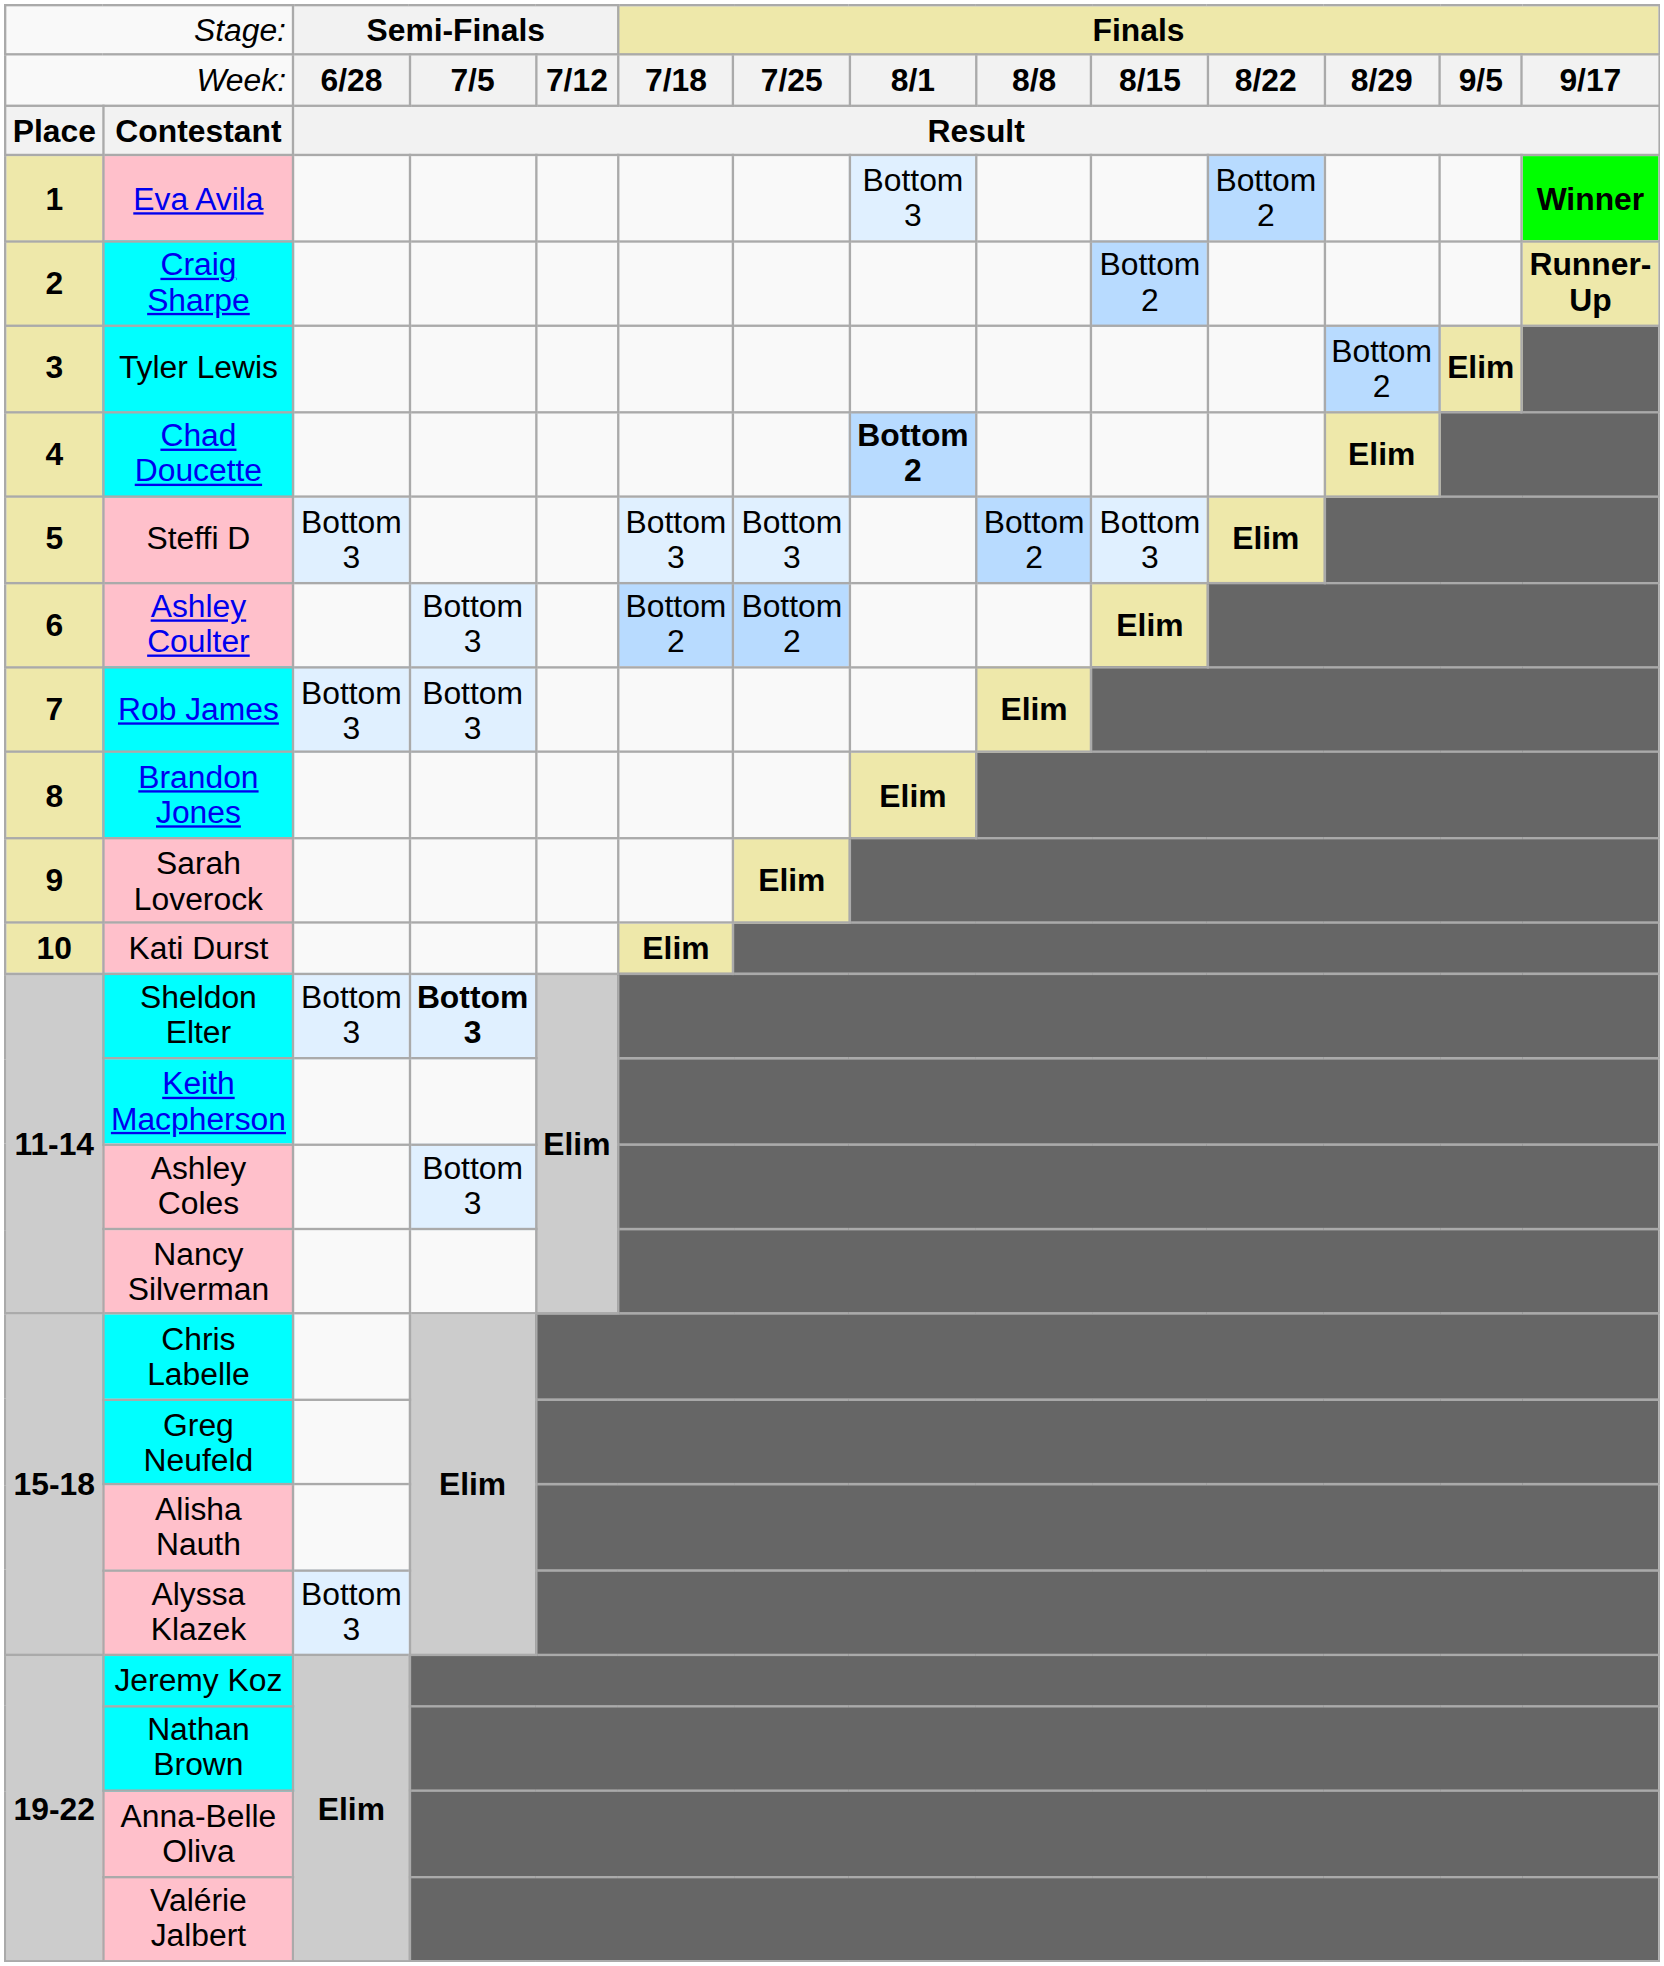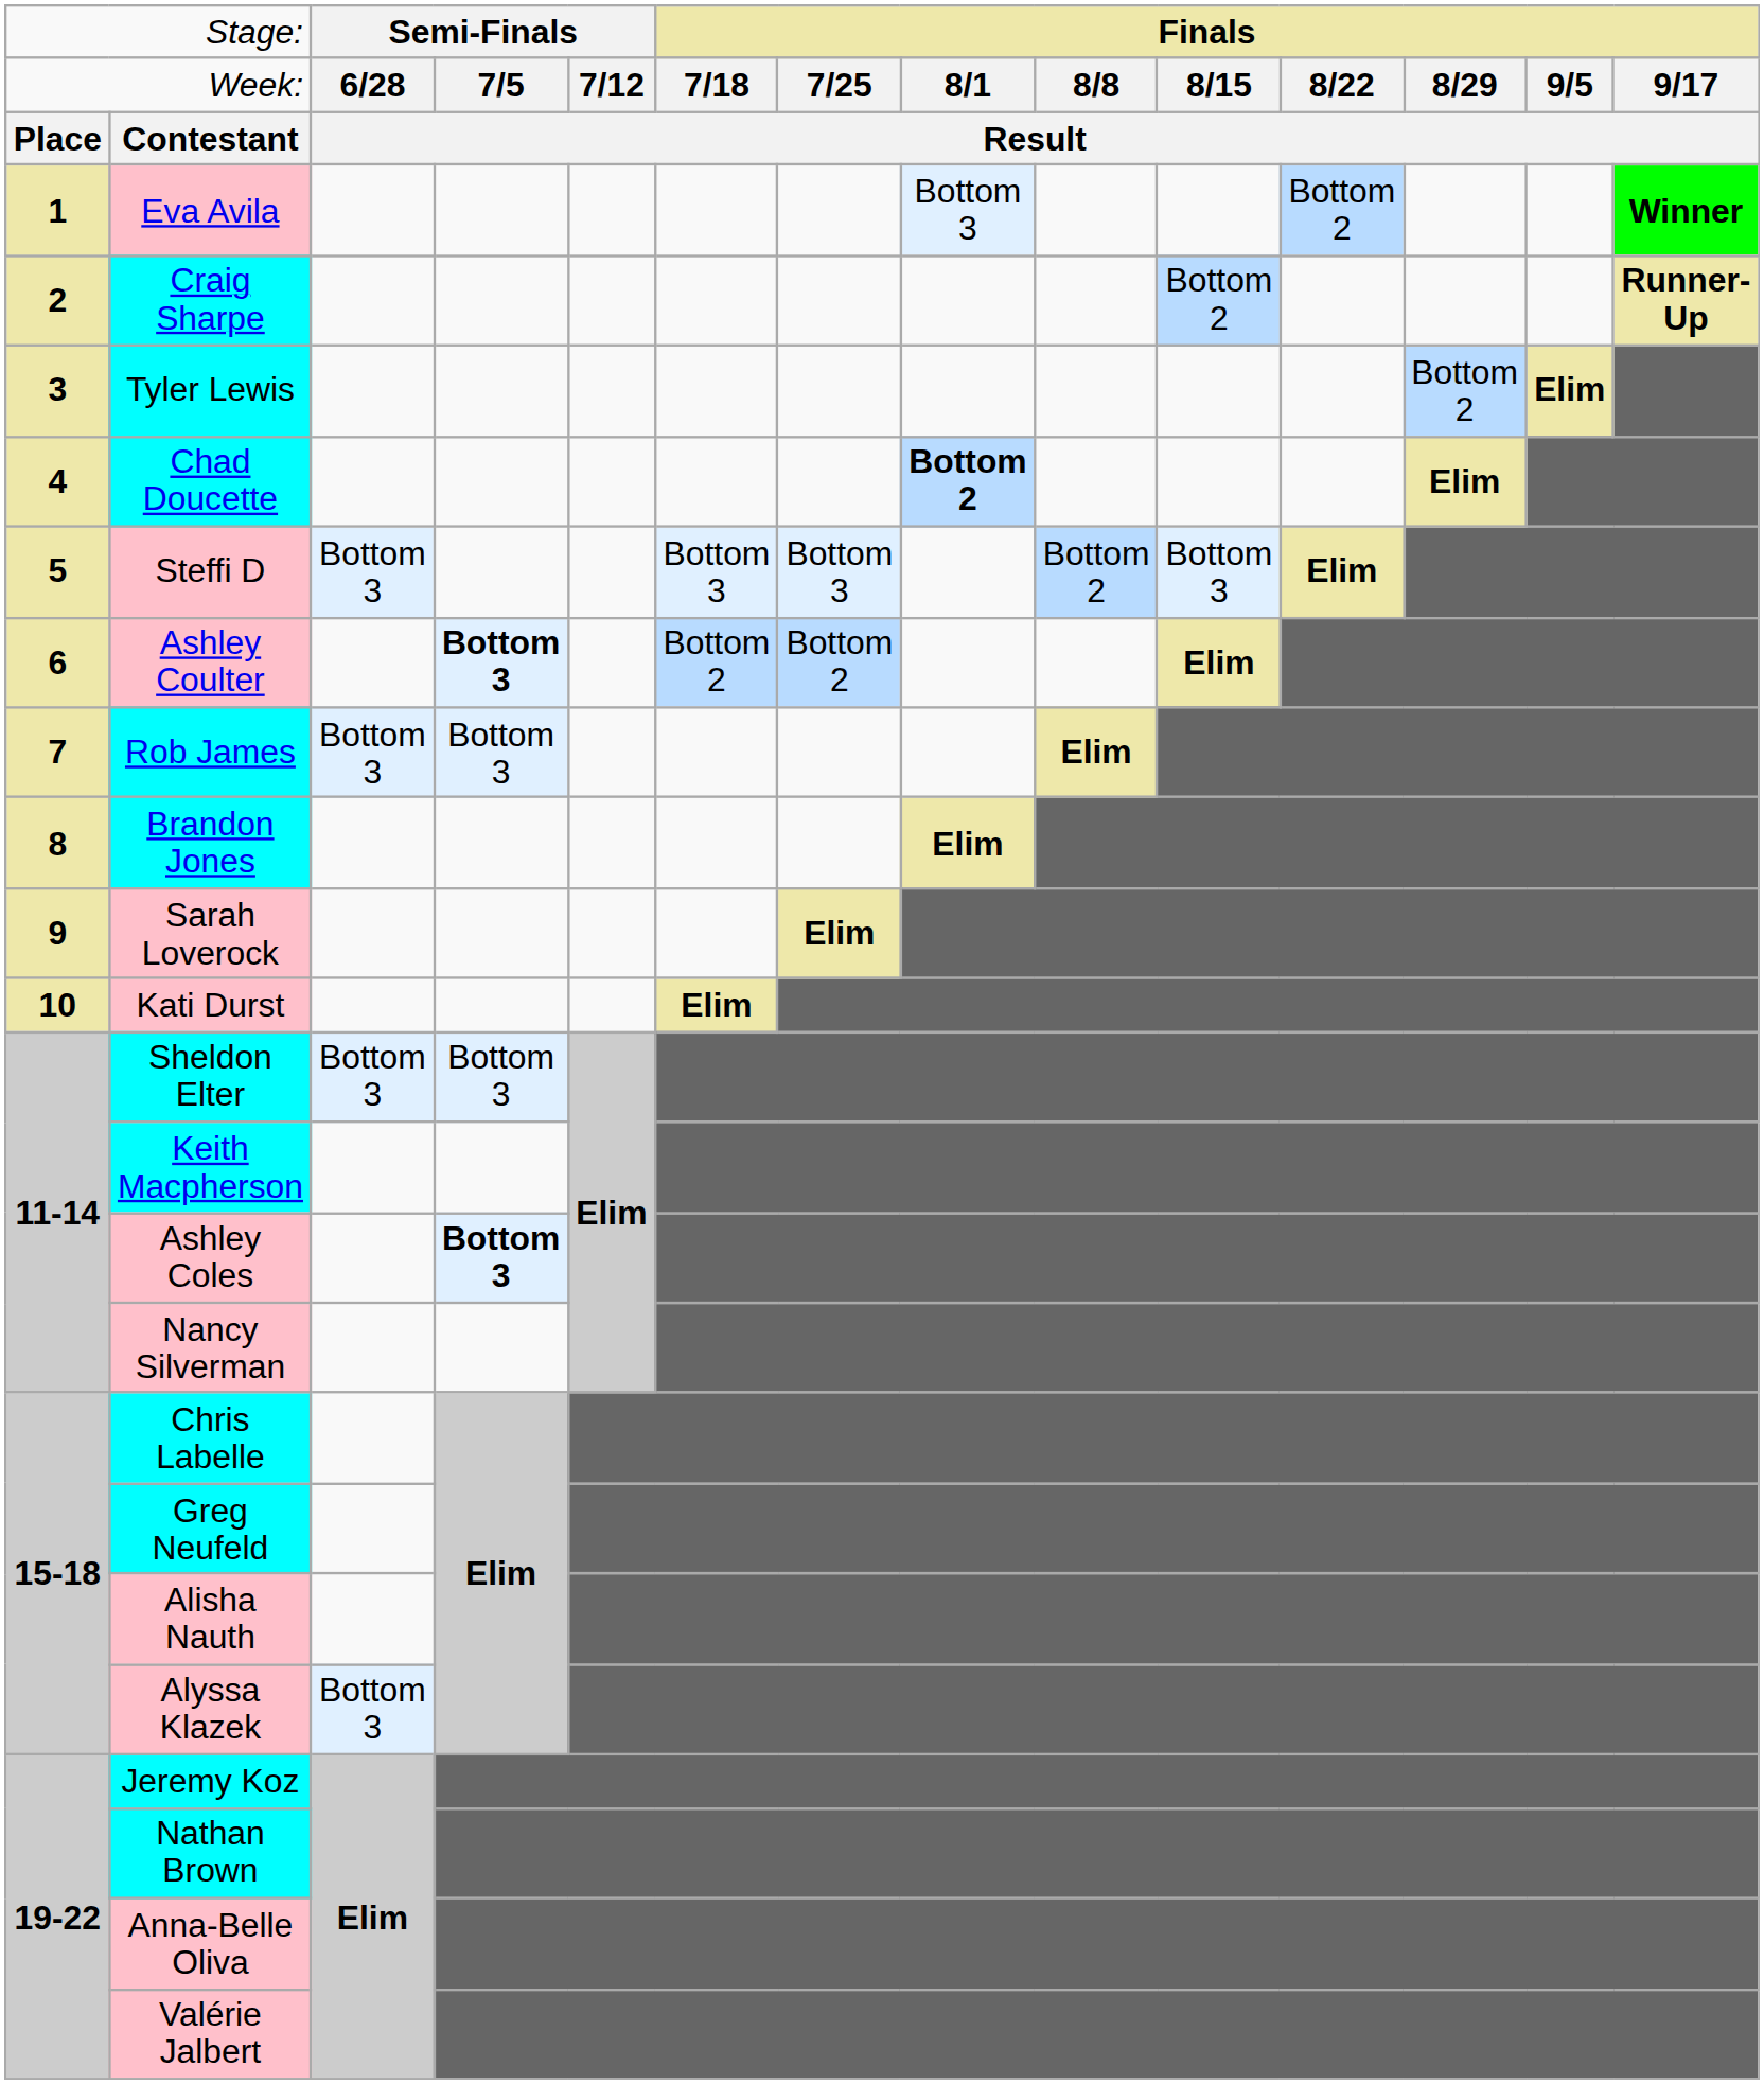 <table class="wikitable" style="text-align:center; font-size:85%; width:90%">
 <tr>
 <td colspan="2" align="right"><em>Stage:</em></td>
 <th colspan="3">Semi-Finals</th>
 <td colspan="9" bgcolor="palegoldenrod"><strong>Finals</strong></td>
 </tr>
 <tr>
 <td colspan="2" align="right"><em>Week:</em></td>
 <th style="width:4%;">6/28</th>
 <th style="width:4%;">7/5</th>
 <th style="width:4%;">7/12</th>
 <th style="width:4%;">7/18</th>
 <th style="width:4%;">7/25</th>
 <th style="width:4%;">8/1</th>
 <th style="width:4%;">8/8</th>
 <th style="width:4%;">8/15</th>
 <th style="width:4%;">8/22</th>
 <th style="width:4%;">8/29</th>
 <th style="width:4%;">9/5</th>
 <th style="width:4%;">9/17</th>
 </tr>
 <tr>
 <th style="width:3%;">Place</th>
 <th style="width:8%;">Contestant</th>
 <th colspan="12" align="center">Result</th>
 </tr>
 <tr>
 <td align="center" bgcolor="palegoldenrod"><strong>1</strong></td>
 <td bgcolor="pink"><a href='#'>Eva Avila</a></td>
 <td></td>
 <td></td>
 <td></td>
 <td></td>
 <td></td>
 <td bgcolor="E0F0FF">Bottom 3</td>
 <td></td>
 <td></td>
 <td bgcolor="B8DBFF">Bottom 2</td>
 <td></td>
 <td></td>
 <td bgcolor="lime" align="center"><strong>Winner</strong></td>
 </tr>
 <tr>
 <td align="center" bgcolor="palegoldenrod"><strong>2</strong></td>
 <td bgcolor="cyan"><a href='#'>Craig Sharpe</a></td>
 <td></td>
 <td></td>
 <td></td>
 <td></td>
 <td></td>
 <td></td>
 <td></td>
 <td bgcolor="B8DBFF">Bottom 2</td>
 <td></td>
 <td></td>
 <td></td>
 <td bgcolor="palegoldenrod"><strong>Runner-Up</strong></td>
 </tr>
 <tr>
 <td align="center" bgcolor="palegoldenrod"><strong>3</strong></td>
 <td bgcolor="cyan">Tyler Lewis</td>
 <td></td>
 <td></td>
 <td></td>
 <td></td>
 <td></td>
 <td></td>
 <td></td>
 <td></td>
 <td></td>
 <td bgcolor="B8DBFF">Bottom 2</td>
 <td bgcolor="palegoldenrod" align="center"><strong>Elim</strong></td>
 <td colspan="1" bgcolor="#666666"></td>
 </tr>
 <tr>
 <td align="center" bgcolor="palegoldenrod"><strong>4</strong></td>
 <td bgcolor="cyan"><a href='#'>Chad Doucette</a></td>
 <td></td>
 <td></td>
 <td></td>
 <td></td>
 <td></td>
 <td bgcolor="B8DBFF"><strong>Bottom 2</strong></td>
 <td></td>
 <td></td>
 <td></td>
 <td bgcolor="palegoldenrod" align="center"><strong>Elim</strong></td>
 <td colspan="2" bgcolor="#666666"></td>
 </tr>
 <tr>
 <td align="center" bgcolor="palegoldenrod"><strong>5</strong></td>
 <td bgcolor="pink">Steffi D</td>
 <td bgcolor="E0F0FF">Bottom 3</td>
 <td></td>
 <td></td>
 <td bgcolor="E0F0FF">Bottom 3</td>
 <td bgcolor="E0F0FF">Bottom 3</td>
 <td></td>
 <td bgcolor="B8DBFF">Bottom 2</td>
 <td bgcolor="E0F0FF">Bottom 3</td>
 <td bgcolor="palegoldenrod" align="center"><strong>Elim</strong></td>
 <td colspan="3" bgcolor="#666666"></td>
 </tr>
 <tr>
 <td align="center" bgcolor="palegoldenrod"><strong>6</strong></td>
 <td bgcolor="pink"><a href='#'>Ashley Coulter</a></td>
 <td></td>
-<td bgcolor="E0F0FF">Bottom 3</td>
+<td bgcolor="E0F0FF"><strong>Bottom 3</strong></td>
 <td></td>
 <td bgcolor="B8DBFF">Bottom 2</td>
 <td bgcolor="B8DBFF">Bottom 2</td>
 <td></td>
 <td></td>
 <td bgcolor="palegoldenrod" align="center"><strong>Elim</strong></td>
 <td colspan="4" bgcolor="#666666"></td>
 </tr>
 <tr>
 <td align="center" bgcolor="palegoldenrod"><strong>7</strong></td>
 <td bgcolor="cyan"><a href='#'>Rob James</a></td>
 <td bgcolor="E0F0FF">Bottom 3</td>
 <td bgcolor="E0F0FF">Bottom 3</td>
 <td></td>
 <td></td>
 <td></td>
 <td></td>
 <td bgcolor="palegoldenrod" align="center"><strong>Elim</strong></td>
 <td colspan="5" bgcolor="#666666"></td>
 </tr>
 <tr>
 <td align="center" bgcolor="palegoldenrod"><strong>8</strong></td>
 <td bgcolor="cyan"><a href='#'>Brandon Jones</a></td>
 <td></td>
 <td></td>
 <td></td>
 <td></td>
 <td></td>
 <td bgcolor="palegoldenrod" align="center"><strong>Elim</strong></td>
 <td colspan="6" bgcolor="666666"></td>
 </tr>
 <tr>
 <td align="center" bgcolor="palegoldenrod"><strong>9</strong></td>
 <td bgcolor="pink">Sarah Loverock</td>
 <td></td>
 <td></td>
 <td></td>
 <td></td>
 <td bgcolor="palegoldenrod" align="center"><strong>Elim</strong></td>
 <td colspan="7" bgcolor="666666"></td>
 </tr>
 <tr>
 <td align="center" bgcolor="palegoldenrod"><strong>10</strong></td>
 <td bgcolor="pink">Kati Durst</td>
 <td></td>
 <td></td>
 <td></td>
 <td bgcolor="palegoldenrod"><strong>Elim</strong></td>
 <td colspan="8" bgcolor="666666"></td>
 </tr>
 <tr>
 <td align="center" bgcolor="CCCCCC" rowspan="4"><strong>11-14</strong></td>
 <td bgcolor="cyan">Sheldon Elter</td>
 <td bgcolor="E0F0FF">Bottom 3</td>
-<td bgcolor="E0F0FF"><strong>Bottom 3</strong></td>
+<td bgcolor="E0F0FF">Bottom 3</td>
 <td bgcolor="CCCCCC" rowspan="4" align="center"><strong>Elim</strong></td>
 <td colspan="9" bgcolor="666666"></td>
 </tr>
 <tr>
 <td bgcolor="cyan"><a href='#'>Keith Macpherson</a></td>
 <td></td>
 <td></td>
 <td colspan="9" bgcolor="666666"></td>
 </tr>
 <tr>
 <td bgcolor="pink">Ashley Coles</td>
 <td></td>
-<td bgcolor="E0F0FF">Bottom 3</td>
+<td bgcolor="E0F0FF"><strong>Bottom 3</strong></td>
 <td colspan="9" bgcolor="666666"></td>
 </tr>
 <tr>
 <td bgcolor="pink">Nancy Silverman</td>
 <td></td>
 <td></td>
 <td colspan="9" bgcolor="666666"></td>
 </tr>
 <tr>
 <td align="center" bgcolor="CCCCCC" rowspan="4"><strong>15-18</strong></td>
 <td bgcolor="cyan">Chris Labelle</td>
 <td></td>
 <td bgcolor="CCCCCC" rowspan="4" align="center"><strong>Elim</strong></td>
 <td colspan="10" bgcolor="666666"></td>
 </tr>
 <tr>
 <td bgcolor="cyan">Greg Neufeld</td>
 <td></td>
 <td colspan="10" bgcolor="666666"></td>
 </tr>
 <tr>
 <td bgcolor="pink">Alisha Nauth</td>
 <td></td>
 <td colspan="10" bgcolor="666666"></td>
 </tr>
 <tr>
 <td bgcolor="pink">Alyssa Klazek</td>
 <td bgcolor="E0F0FF">Bottom 3</td>
 <td colspan="10" bgcolor="666666"></td>
 </tr>
 <tr>
 <td align="center" bgcolor="CCCCCC" rowspan="4"><strong>19-22</strong></td>
 <td bgcolor="cyan">Jeremy Koz</td>
 <td bgcolor="CCCCCC" rowspan="4" align="center"><strong>Elim</strong></td>
 <td colspan="11" bgcolor="666666"></td>
 </tr>
 <tr>
 <td bgcolor="cyan">Nathan Brown</td>
 <td colspan="11" bgcolor="666666"></td>
 </tr>
 <tr>
 <td bgcolor="pink">Anna-Belle Oliva</td>
 <td colspan="11" bgcolor="666666"></td>
 </tr>
 <tr>
 <td bgcolor="pink">Valérie Jalbert</td>
 <td colspan="11" bgcolor="666666"></td>
 </tr>
 <tr>
 </tr>
 </table>
